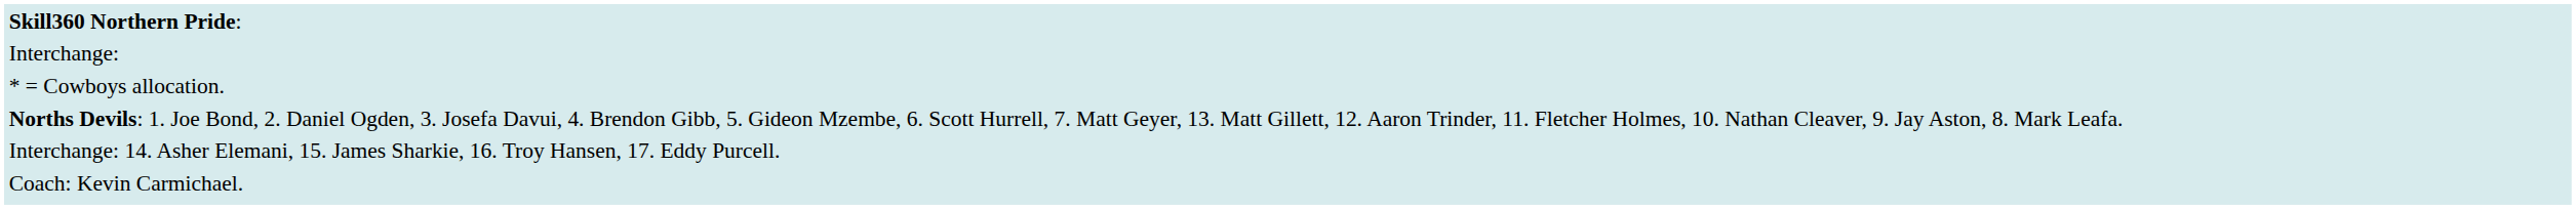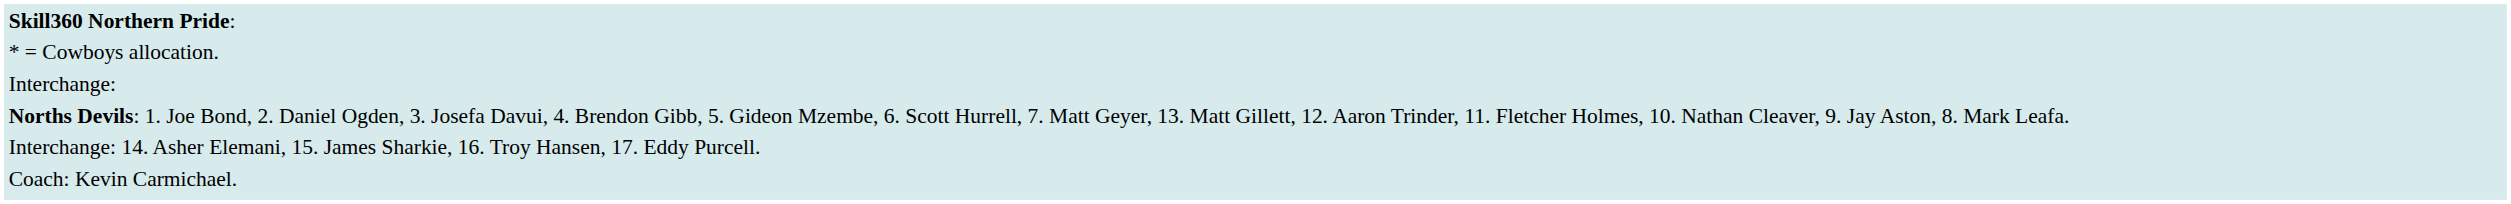 <table style="background:#d7ebed; font-size:85%; width:100%;">
 <tr>
 <td><strong>Skill360 Northern Pride</strong>:             </td>
 </tr>
 <tr>
-<td>Interchange:    </td>
+<td>* = Cowboys allocation.</td>
 </tr>
 <tr>
-<td>* = Cowboys allocation.</td>
+<td>Interchange:    </td>
 </tr>
 <tr>
 <td><strong>Norths Devils</strong>: 1. Joe Bond, 2. Daniel Ogden, 3. Josefa Davui, 4. Brendon Gibb, 5. Gideon Mzembe, 6. Scott Hurrell, 7. Matt Geyer, 13. Matt Gillett, 12. Aaron Trinder, 11. Fletcher Holmes, 10. Nathan Cleaver, 9. Jay Aston, 8. Mark Leafa.</td>
 </tr>
 <tr>
 <td>Interchange: 14. Asher Elemani, 15. James Sharkie, 16. Troy Hansen, 17. Eddy Purcell.</td>
 </tr>
 <tr>
 <td>Coach: Kevin Carmichael.</td>
 </tr>
 <tr>
 </tr>
 </table>
